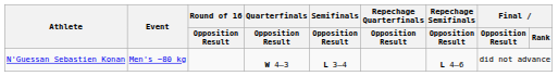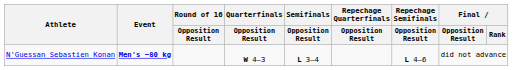 <table class=wikitable style=font-size:90%;text-align:center>
 <tr>
 <th rowspan=2>Athlete</th>
 <th rowspan=2>Event</th>
 <th>Round of 16</th>
 <th>Quarterfinals</th>
 <th>Semifinals</th>
 <th>Repechage<br>Quarterfinals</th>
 <th>Repechage<br>Semifinals</th>
 <th colspan=2>Final / </th>
 </tr>
 <tr style=font-size:95%>
 <th>Opposition<br>Result</th>
 <th>Opposition<br>Result</th>
 <th>Opposition<br>Result</th>
 <th>Opposition<br>Result</th>
 <th>Opposition<br>Result</th>
 <th>Opposition<br>Result</th>
 <th>Rank</th>
 </tr>
 <tr>
 <td align=left><a href='#'>N'Guessan Sebastien Konan</a></td>
-<td align=left><a href='#'>Men's −80 kg</a></td>
+<td align=left><strong><a href='#'>Men's −80 kg</a></strong></td>
 <td></td>
 <td><br><strong>W</strong> 4–3</td>
 <td><br><strong>L</strong> 3–4</td>
 <td></td>
 <td><br><strong>L</strong> 4–6</td>
 <td colspan=2>did not advance</td>
 </tr>
 </table>
